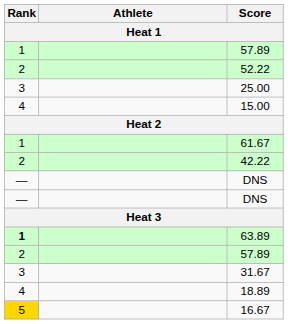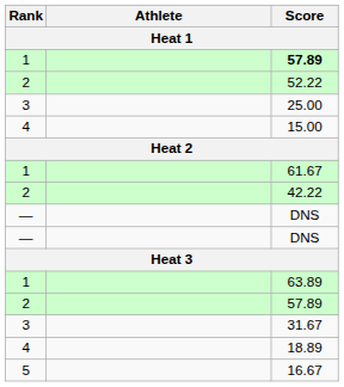 <table class="wikitable" style="text-align:center;">
 <tr>
 <th width=40>Rank</th>
 <th width=250>Athlete</th>
 <th width=70>Score</th>
 </tr>
 <tr>
 <th colspan=3>Heat 1</th>
 </tr>
 <tr bgcolor="ccffcc">
 <td>1</td>
 <td align=left></td>
-<td>57.89</td>
+<td><strong>57.89</strong></td>
 </tr>
 <tr bgcolor="ccffcc">
 <td>2</td>
 <td align=left></td>
 <td>52.22</td>
 </tr>
 <tr>
 <td>3</td>
 <td align=left></td>
 <td>25.00</td>
 </tr>
 <tr>
 <td>4</td>
 <td align=left></td>
 <td>15.00</td>
 </tr>
 <tr>
 <th colspan=3>Heat 2</th>
 </tr>
 <tr bgcolor="ccffcc">
 <td>1</td>
 <td align=left></td>
 <td>61.67</td>
 </tr>
 <tr bgcolor="ccffcc">
 <td>2</td>
 <td align=left></td>
 <td>42.22</td>
 </tr>
 <tr>
 <td>—</td>
 <td align=left></td>
 <td>DNS</td>
 </tr>
 <tr>
 <td>—</td>
 <td align=left></td>
 <td>DNS</td>
 </tr>
 <tr>
 <th colspan=3>Heat 3</th>
 </tr>
 <tr bgcolor="ccffcc">
-<td><strong>1</strong></td>
+<td>1</td>
 <td align=left></td>
 <td>63.89</td>
 </tr>
 <tr bgcolor="ccffcc">
 <td>2</td>
 <td align=left></td>
 <td>57.89</td>
 </tr>
 <tr>
 <td>3</td>
 <td align=left></td>
 <td>31.67</td>
 </tr>
 <tr>
 <td>4</td>
 <td align=left></td>
 <td>18.89</td>
 </tr>
 <tr>
-<td style="background: gold;">5</td>
+<td>5</td>
 <td align=left></td>
 <td>16.67</td>
 </tr>
 </table>
